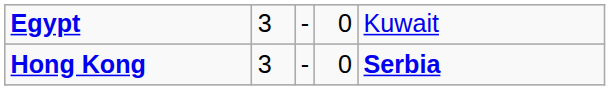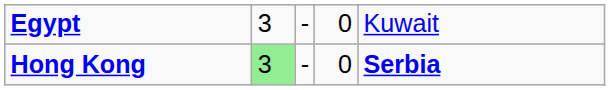 <table class="wikitable">
 <tr>
 <td width=150> <strong><a href='#'>Egypt</a></strong></td>
 <td style="width:20px; text-align:left;">3</td>
 <td>-</td>
 <td style="width:20px; text-align:right;">0</td>
 <td width=150> <a href='#'>Kuwait</a></td>
 </tr>
 <tr>
 <td> <strong><a href='#'>Hong Kong</a></strong></td>
-<td style="text-align:left;">3</td>
+<td style="background: lightgreen; text-align:left;">3</td>
 <td>-</td>
 <td style="text-align:right;">0</td>
 <td><strong> <a href='#'>Serbia</a></strong></td>
 </tr>
 </table>
